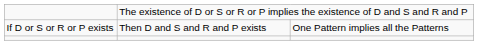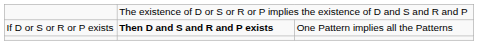 <table class="wikitable" style="width: 60%">
 <tr>
 <td></td>
 <td colspan=2>The existence of D or S or R or P implies the existence of D and S and R and P</td>
 </tr>
 <tr>
 <td>If D or S or R or P exists</td>
-<td>Then D and S and R and P exists</td>
+<td><strong>Then D and S and R and P exists</strong></td>
 <td>One Pattern implies all the Patterns</td>
 </tr>
 <tr>
 <td><div></div></td>
 <td><div></div></td>
 <td><div></div></td>
 </tr>
 </table>
